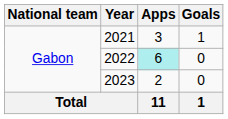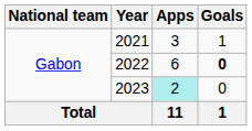 <table class="wikitable" style="text-align:center">
 <tr>
 <th>National team</th>
 <th>Year</th>
 <th>Apps</th>
 <th>Goals</th>
 </tr>
 <tr>
 <td rowspan="3"><a href='#'>Gabon</a></td>
 <td>2021</td>
 <td>3</td>
 <td>1</td>
 </tr>
 <tr>
 <td>2022</td>
-<td style="background: paleturquoise;">6</td>
-<td>0</td>
+<td>6</td>
+<td><strong>0</strong></td>
 </tr>
 <tr>
 <td>2023</td>
-<td>2</td>
+<td style="background: paleturquoise;">2</td>
 <td>0</td>
 </tr>
 <tr>
 <th colspan="2">Total</th>
 <th>11</th>
 <th>1</th>
 </tr>
 </table>
